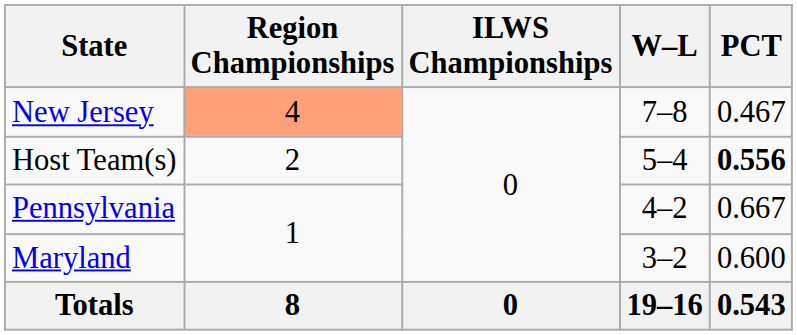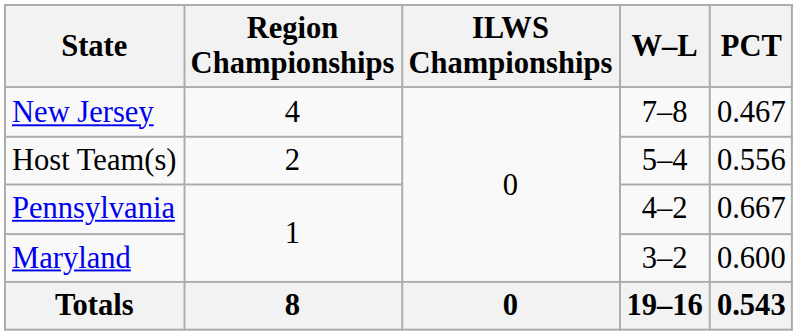 <table class="wikitable">
 <tr>
 <th>State</th>
 <th>Region<br>Championships</th>
 <th>ILWS<br>Championships</th>
 <th>W–L</th>
 <th>PCT</th>
 </tr>
 <tr>
 <td> <a href='#'>New Jersey</a></td>
-<td align=center style="background: lightsalmon;">4</td>
+<td align=center>4</td>
 <td align=center rowspan=4>0</td>
 <td align=center>7–8</td>
 <td align=center>0.467</td>
 </tr>
 <tr>
 <td> Host Team(s)</td>
 <td align=center>2</td>
 <td align=center>5–4</td>
-<td align=center><strong>0.556</strong></td>
+<td align=center>0.556</td>
 </tr>
 <tr>
 <td> <a href='#'>Pennsylvania</a></td>
 <td align=center rowspan=2>1</td>
 <td align=center>4–2</td>
 <td align=center>0.667</td>
 </tr>
 <tr>
 <td> <a href='#'>Maryland</a></td>
 <td align=center>3–2</td>
 <td align=center>0.600</td>
 </tr>
 <tr>
 <th>Totals</th>
 <th>8</th>
 <th>0</th>
 <th>19–16</th>
 <th>0.543</th>
 </tr>
 </table>
